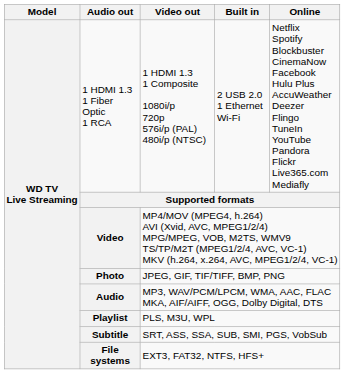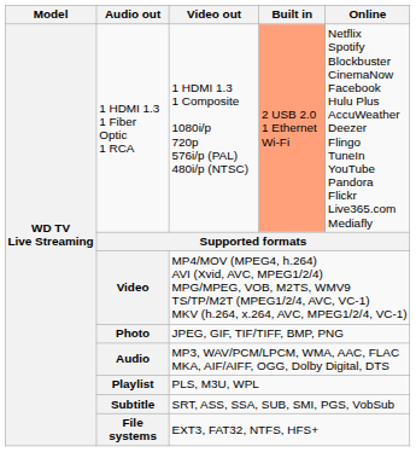 <table class="wikitable" style="margin:1em auto;">
 <tr>
 <th>Model</th>
 <th width=90>Audio out</th>
 <th>Video out</th>
 <th>Built in</th>
 <th>Online</th>
 </tr>
 <tr>
 <th rowspan="8"><strong>WD TV<br>Live Streaming</strong></th>
 <td>1 HDMI 1.3<br>1 Fiber Optic<br>1 RCA</td>
 <td>1 HDMI 1.3<br>1 Composite<br><br>1080i/p<br>720p<br>576i/p (PAL)<br>480i/p (NTSC)</td>
-<td>2 USB 2.0<br>1 Ethernet<br>Wi-Fi</td>
+<td style="background: lightsalmon;">2 USB 2.0<br>1 Ethernet<br>Wi-Fi</td>
 <td>Netflix<br>Spotify<br>Blockbuster<br>CinemaNow<br>Facebook<br>Hulu Plus<br>AccuWeather<br>Deezer<br>Flingo<br>TuneIn<br>YouTube<br>Pandora<br>Flickr<br>Live365.com<br>Mediafly</td>
 </tr>
 <tr>
 <th colspan="4">Supported formats</th>
 </tr>
 <tr>
 <th>Video</th>
 <td colspan="3">MP4/MOV (MPEG4, h.264)<br>AVI (Xvid, AVC, MPEG1/2/4)<br>MPG/MPEG, VOB, M2TS, WMV9<br>TS/TP/M2T (MPEG1/2/4, AVC, VC-1)<br>MKV (h.264, x.264, AVC, MPEG1/2/4, VC-1)</td>
 </tr>
 <tr>
 <th>Photo</th>
 <td colspan="3">JPEG, GIF, TIF/TIFF, BMP, PNG</td>
 </tr>
 <tr>
 <th>Audio</th>
 <td colspan="3">MP3, WAV/PCM/LPCM, WMA, AAC, FLAC<br>MKA, AIF/AIFF, OGG, Dolby Digital, DTS</td>
 </tr>
 <tr>
 <th>Playlist</th>
 <td colspan="3">PLS, M3U, WPL</td>
 </tr>
 <tr>
 <th>Subtitle</th>
 <td colspan="3">SRT, ASS, SSA, SUB, SMI, PGS, VobSub</td>
 </tr>
 <tr>
 <th>File systems</th>
 <td colspan="3">EXT3, FAT32, NTFS, HFS+</td>
 </tr>
 </table>
